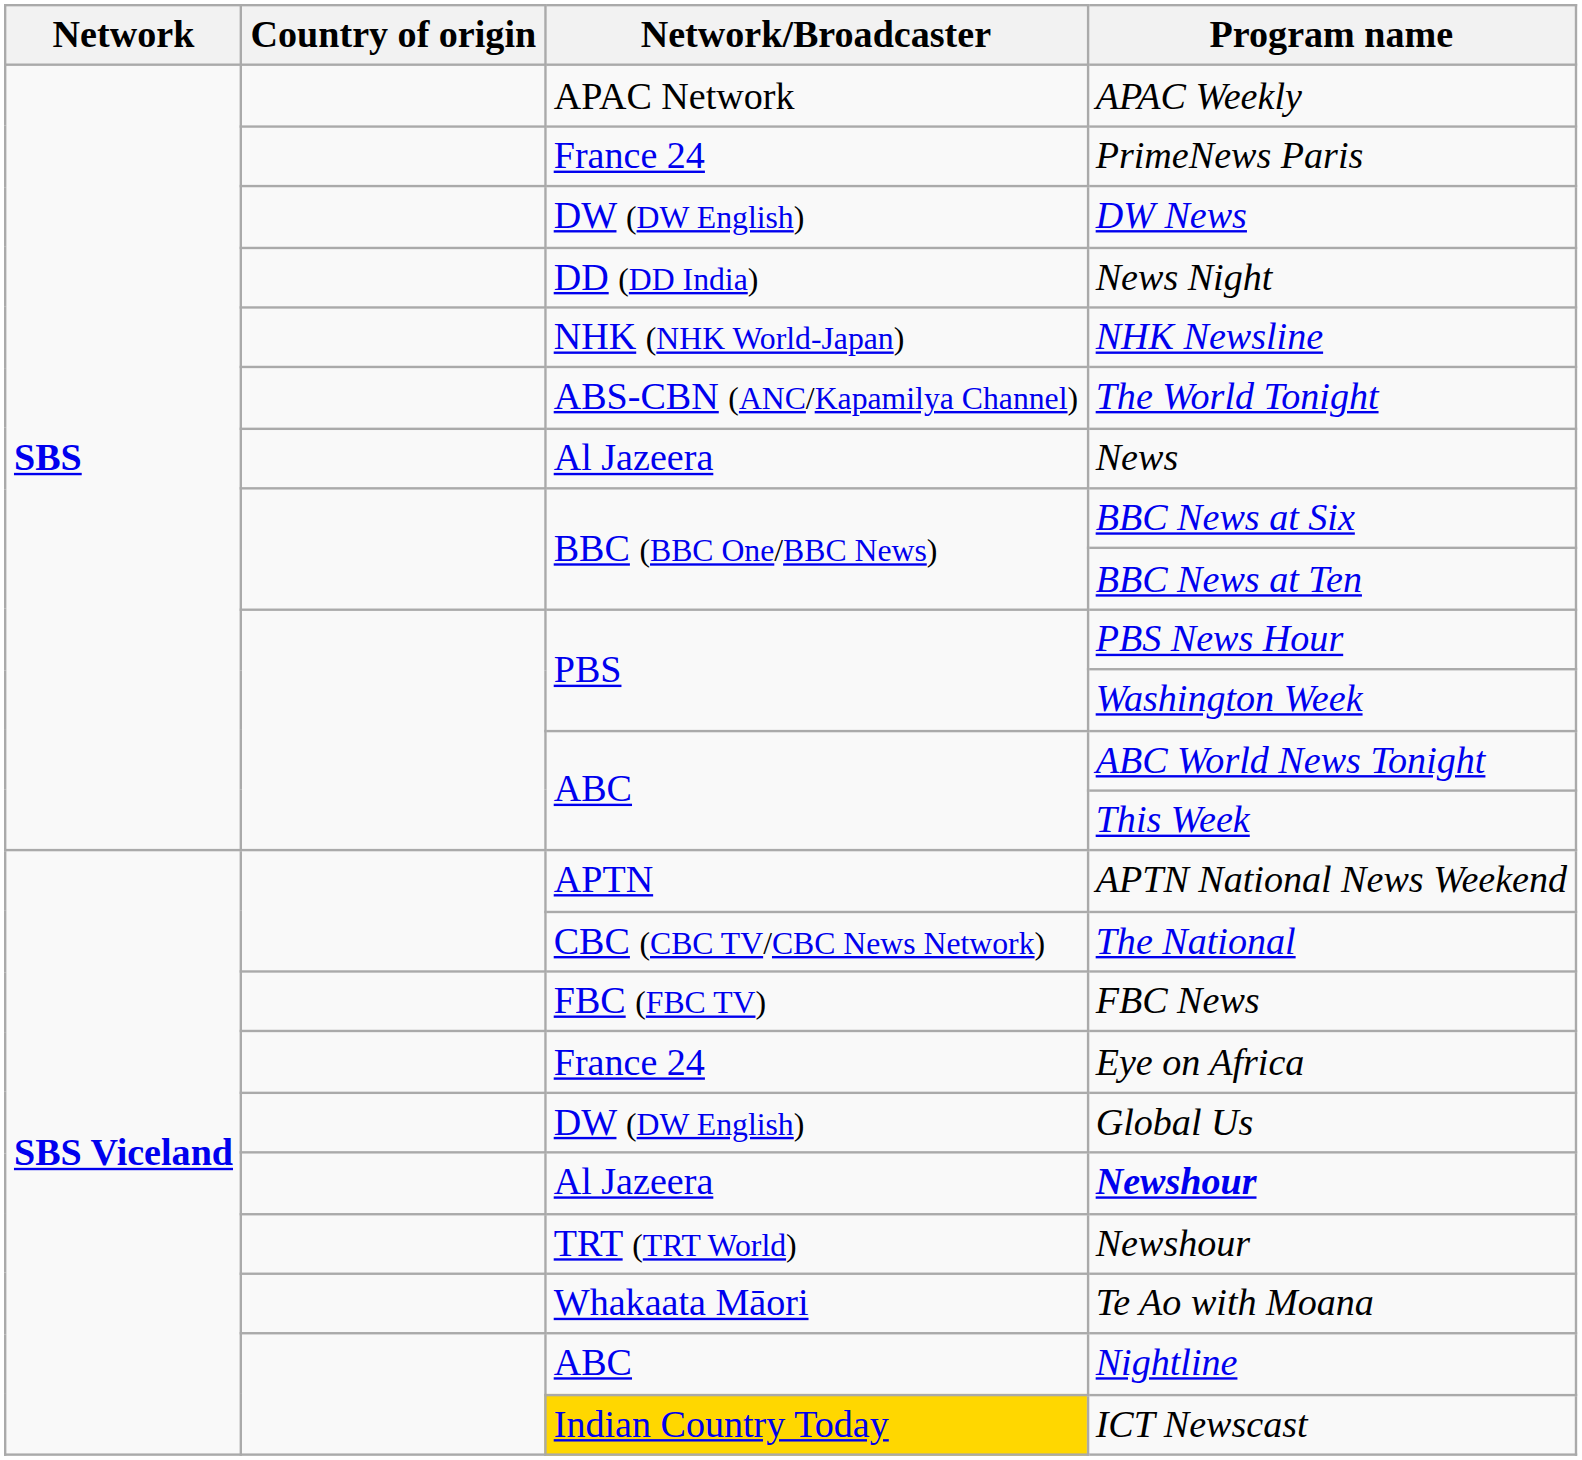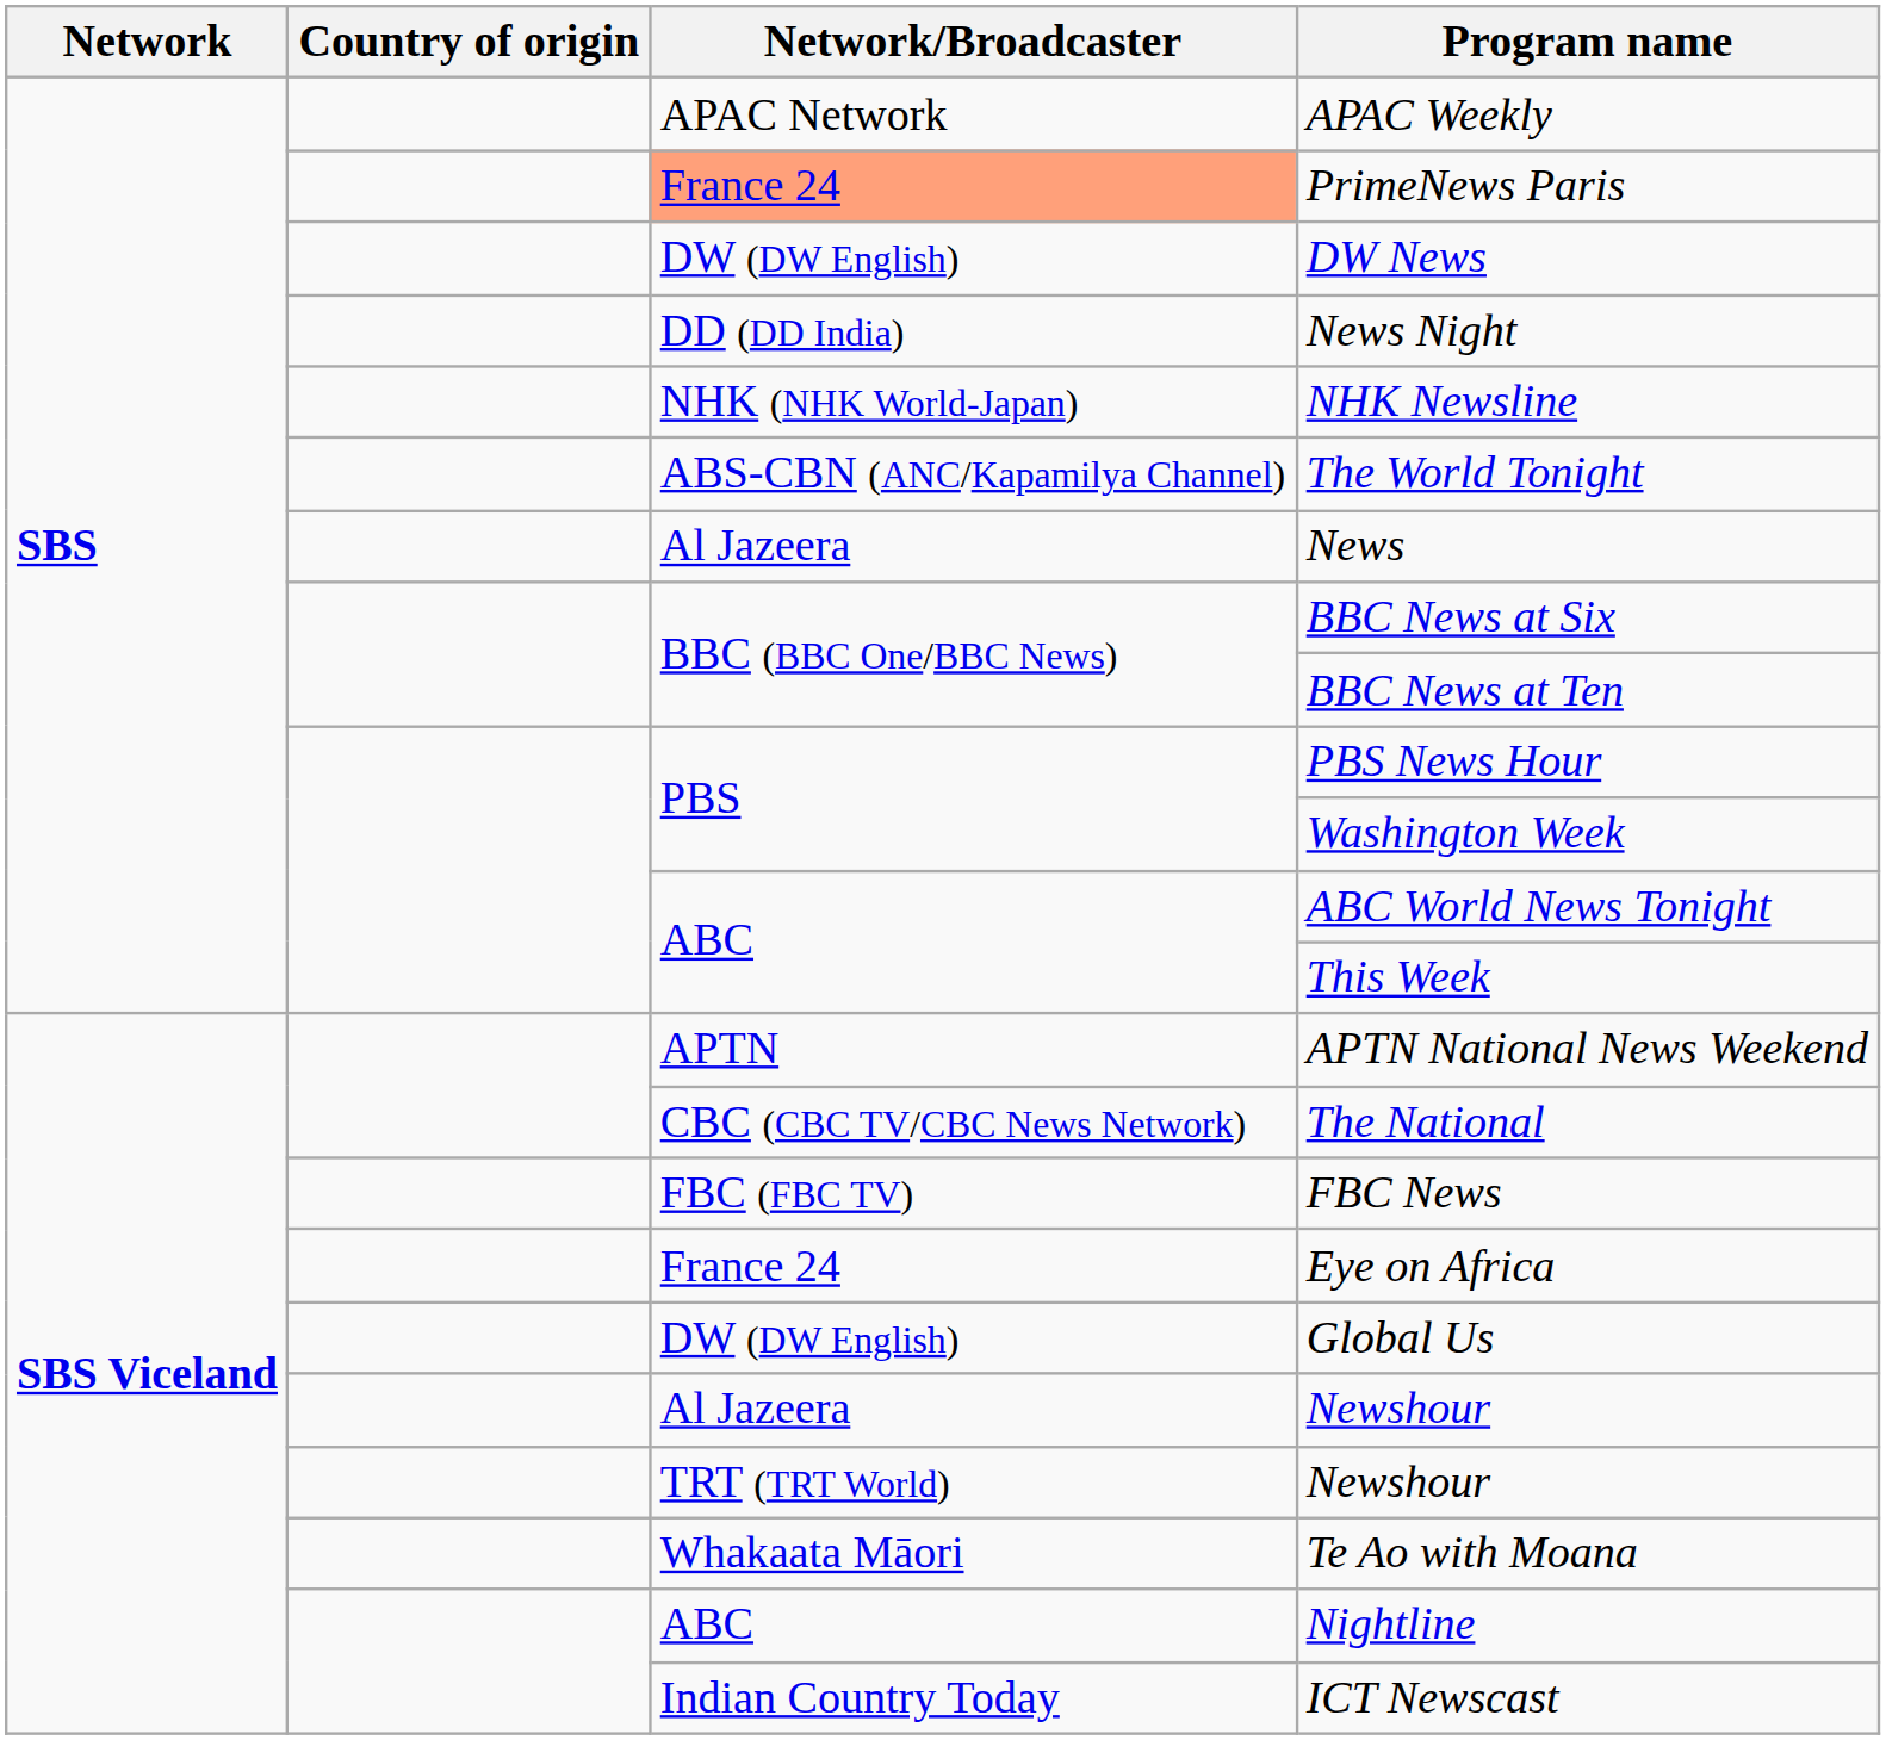 <table class="wikitable">
 <tr>
 <th>Network</th>
 <th>Country of origin</th>
 <th>Network/Broadcaster</th>
 <th>Program name</th>
 </tr>
 <tr>
 <td rowspan="13"><strong><a href='#'>SBS</a></strong></td>
 <td></td>
 <td>APAC Network</td>
 <td><em>APAC Weekly</em></td>
 </tr>
 <tr>
 <td></td>
-<td><a href='#'>France 24</a></td>
+<td style="background: lightsalmon;"><a href='#'>France 24</a></td>
 <td><em>PrimeNews Paris</em></td>
 </tr>
 <tr>
 <td></td>
 <td><a href='#'>DW</a> <small>(<a href='#'>DW English</a>)</small></td>
 <td><em><a href='#'>DW News</a></em></td>
 </tr>
 <tr>
 <td></td>
 <td><a href='#'>DD</a> <small>(<a href='#'>DD India</a>)</small></td>
 <td><em>News Night</em></td>
 </tr>
 <tr>
 <td></td>
 <td><a href='#'>NHK</a> <small>(<a href='#'>NHK World-Japan</a>)</small></td>
 <td><em><a href='#'>NHK Newsline</a></em></td>
 </tr>
 <tr>
 <td></td>
 <td><a href='#'>ABS-CBN</a> <small>(<a href='#'>ANC</a>/<a href='#'>Kapamilya Channel</a>)</small></td>
 <td><em><a href='#'>The World Tonight</a></em></td>
 </tr>
 <tr>
 <td></td>
 <td><a href='#'>Al Jazeera</a></td>
 <td><em>News</em></td>
 </tr>
 <tr>
 <td rowspan="2"></td>
 <td rowspan="2"><a href='#'>BBC</a> <small>(<a href='#'>BBC One</a>/<a href='#'>BBC News</a>)</small></td>
 <td><em><a href='#'>BBC News at Six</a></em></td>
 </tr>
 <tr>
 <td><em><a href='#'>BBC News at Ten</a></em></td>
 </tr>
 <tr>
 <td rowspan="4"></td>
 <td rowspan="2"><a href='#'>PBS</a></td>
 <td><em><a href='#'>PBS News Hour</a></em></td>
 </tr>
 <tr>
 <td><em><a href='#'>Washington Week</a></em></td>
 </tr>
 <tr>
 <td rowspan="2"><a href='#'>ABC</a></td>
 <td><em><a href='#'>ABC World News Tonight</a></em></td>
 </tr>
 <tr>
 <td><em><a href='#'>This Week</a></em></td>
 </tr>
 <tr>
 <td rowspan="10"><strong><a href='#'>SBS Viceland</a></strong></td>
 <td rowspan="2"></td>
 <td><a href='#'>APTN</a></td>
 <td><em>APTN National News Weekend</em></td>
 </tr>
 <tr>
 <td><a href='#'>CBC</a> <small>(<a href='#'>CBC TV</a>/<a href='#'>CBC News Network</a>)</small></td>
 <td><em><a href='#'>The National</a></em></td>
 </tr>
 <tr>
 <td></td>
 <td><a href='#'>FBC</a> <small>(<a href='#'>FBC TV</a>)</small></td>
 <td><em>FBC News</em></td>
 </tr>
 <tr>
 <td></td>
 <td><a href='#'>France 24</a></td>
 <td><em>Eye on Africa</em></td>
 </tr>
 <tr>
 <td></td>
 <td><a href='#'>DW</a> <small>(<a href='#'>DW English</a>)</small></td>
 <td><em>Global Us</em></td>
 </tr>
 <tr>
 <td></td>
 <td><a href='#'>Al Jazeera</a></td>
-<td><strong><em><a href='#'>Newshour</a></em></strong></td>
+<td><em><a href='#'>Newshour</a></em></td>
 </tr>
 <tr>
 <td></td>
 <td><a href='#'>TRT</a> <small>(<a href='#'>TRT World</a>)</small></td>
 <td><em>Newshour</em></td>
 </tr>
 <tr>
 <td></td>
 <td><a href='#'>Whakaata Māori</a></td>
 <td><em>Te Ao with Moana</em></td>
 </tr>
 <tr>
 <td rowspan="2"></td>
 <td><a href='#'>ABC</a></td>
 <td><em><a href='#'>Nightline</a></em></td>
 </tr>
 <tr>
-<td style="background: gold;"><a href='#'>Indian Country Today</a></td>
+<td><a href='#'>Indian Country Today</a></td>
 <td><em>ICT Newscast</em></td>
 </tr>
 </table>
